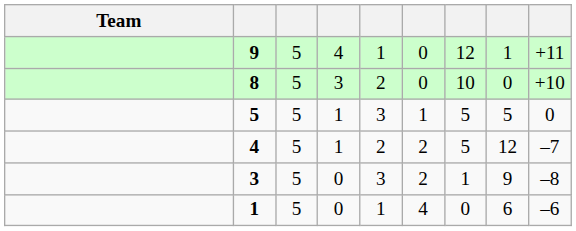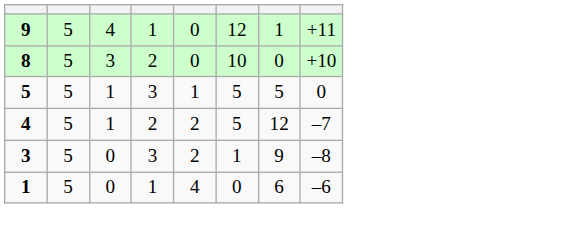 <table class="wikitable" style="text-align: center; font-size: 90%;">
 <tr>
-<th width="165">Team</th>
 <th width="25"></th>
 <th width="25"></th>
 <th width="25"></th>
 <th width="25"></th>
 <th width="25"></th>
 <th width="25"></th>
 <th width="25"></th>
 <th width="25"></th>
 </tr>
 <tr style="background:#ccffcc">
-<td style="text-align:left"></td>
 <td><strong>9</strong></td>
 <td>5</td>
 <td>4</td>
 <td>1</td>
 <td>0</td>
 <td>12</td>
 <td>1</td>
 <td>+11</td>
 </tr>
 <tr style="background:#ccffcc">
-<td style="text-align:left"></td>
 <td><strong>8</strong></td>
 <td>5</td>
 <td>3</td>
 <td>2</td>
 <td>0</td>
 <td>10</td>
 <td>0</td>
 <td>+10</td>
 </tr>
 <tr>
-<td style="text-align:left"></td>
 <td><strong>5</strong></td>
 <td>5</td>
 <td>1</td>
 <td>3</td>
 <td>1</td>
 <td>5</td>
 <td>5</td>
 <td>0</td>
 </tr>
 <tr>
-<td style="text-align:left"></td>
 <td><strong>4</strong></td>
 <td>5</td>
 <td>1</td>
 <td>2</td>
 <td>2</td>
 <td>5</td>
 <td>12</td>
 <td>–7</td>
 </tr>
 <tr>
-<td style="text-align:left"></td>
 <td><strong>3</strong></td>
 <td>5</td>
 <td>0</td>
 <td>3</td>
 <td>2</td>
 <td>1</td>
 <td>9</td>
 <td>–8</td>
 </tr>
 <tr>
-<td style="text-align:left"></td>
 <td><strong>1</strong></td>
 <td>5</td>
 <td>0</td>
 <td>1</td>
 <td>4</td>
 <td>0</td>
 <td>6</td>
 <td>–6</td>
 </tr>
 </table>
